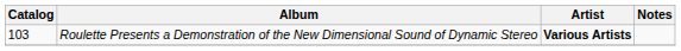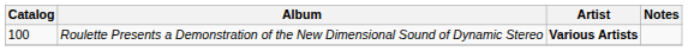 <table class="wikitable sortable">
 <tr>
 <th>Catalog</th>
 <th>Album</th>
 <th>Artist</th>
 <th>Notes</th>
 </tr>
 <tr>
-<td>103</td>
+<td>100</td>
 <td><em>Roulette Presents a Demonstration of the New Dimensional Sound of Dynamic Stereo</em></td>
 <td><strong>Various Artists</strong></td>
 <td></td>
 </tr>
 <tr>
 </tr>
 </table>
